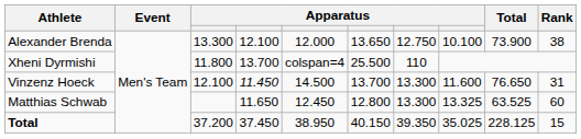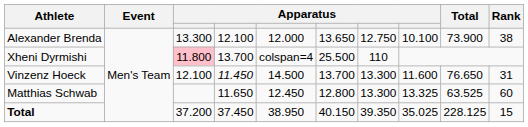 <table class="wikitable" style="font-size:90%">
 <tr>
 <th rowspan=2>Athlete</th>
 <th rowspan=2>Event</th>
 <th colspan=6>Apparatus</th>
 <th rowspan=2>Total</th>
 <th rowspan=2>Rank</th>
 </tr>
 <tr style="font-size:95%">
 <th></th>
 <th></th>
 <th></th>
 <th></th>
 <th></th>
 <th></th>
 </tr>
 <tr align=center>
 <td align=left>Alexander Brenda</td>
 <td align=left rowspan=6>Men's Team</td>
 <td>13.300</td>
 <td>12.100</td>
 <td>12.000</td>
 <td>13.650</td>
 <td>12.750</td>
 <td>10.100</td>
 <td>73.900</td>
 <td>38</td>
 </tr>
 <tr align=center>
 <td align=left>Xheni Dyrmishi</td>
-<td>11.800</td>
+<td style="background: pink;">11.800</td>
 <td>13.700</td>
 <td>colspan=4 </td>
 <td>25.500</td>
 <td>110</td>
 </tr>
 <tr align=center>
 <td align=left>Vinzenz Hoeck</td>
 <td>12.100</td>
 <td><em>11.450</em></td>
 <td>14.500</td>
 <td>13.700</td>
 <td>13.300</td>
 <td>11.600</td>
 <td>76.650</td>
 <td>31</td>
 </tr>
 <tr align=center>
 <td align=left>Matthias Schwab</td>
 <td></td>
 <td>11.650</td>
 <td>12.450</td>
 <td>12.800</td>
 <td>13.300</td>
 <td>13.325</td>
 <td>63.525</td>
 <td>60</td>
 </tr>
 <tr align=center>
 <td align=left><strong>Total</strong></td>
 <td>37.200</td>
 <td>37.450</td>
 <td>38.950</td>
 <td>40.150</td>
 <td>39.350</td>
 <td>35.025</td>
 <td>228.125</td>
 <td>15</td>
 </tr>
 </table>
